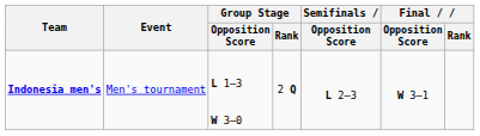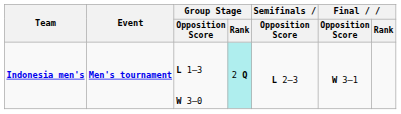 <table class="wikitable" style="font-size:90%">
 <tr>
 <th rowspan=2>Team</th>
 <th rowspan=2>Event</th>
 <th colspan=2>Group Stage</th>
 <th>Semifinals / </th>
 <th colspan=2>Final /  / </th>
 </tr>
 <tr style="font-size:95%">
 <th>Opposition<br>Score</th>
 <th>Rank</th>
 <th>Opposition<br>Score</th>
 <th>Opposition<br>Score</th>
 <th>Rank</th>
 </tr>
 <tr align=center>
 <td align=left><strong><a href='#'>Indonesia men's</a></strong></td>
-<td align=left><a href='#'>Men's tournament</a></td>
+<td align=left><strong><a href='#'>Men's tournament</a></strong></td>
 <td align=left><br><br><strong>L</strong> 1–3 <br><br><br><strong>W</strong> 3–0 <br></td>
-<td>2 <strong>Q</strong></td>
+<td style="background: paleturquoise;">2 <strong>Q</strong></td>
 <td><br><strong>L</strong> 2–3 <br></td>
 <td><br><strong>W</strong> 3–1 <br></td>
 <td></td>
 </tr>
 </table>
